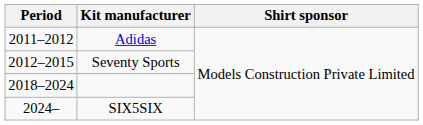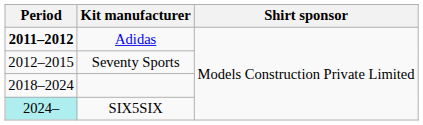 <table class="wikitable" style="text-align:center;margin-left:1em;float:center">
 <tr>
 <th>Period</th>
 <th>Kit manufacturer</th>
 <th>Shirt sponsor</th>
 </tr>
 <tr>
-<td>2011–2012</td>
+<td><strong>2011–2012</strong></td>
 <td><a href='#'>Adidas</a></td>
 <td rowspan="4">Models Construction Private Limited</td>
 </tr>
 <tr>
 <td>2012–2015</td>
 <td>Seventy Sports</td>
 </tr>
 <tr>
 <td>2018–2024</td>
 <td></td>
 </tr>
 <tr>
-<td>2024–</td>
+<td style="background: paleturquoise;">2024–</td>
 <td>SIX5SIX</td>
 </tr>
 </table>
